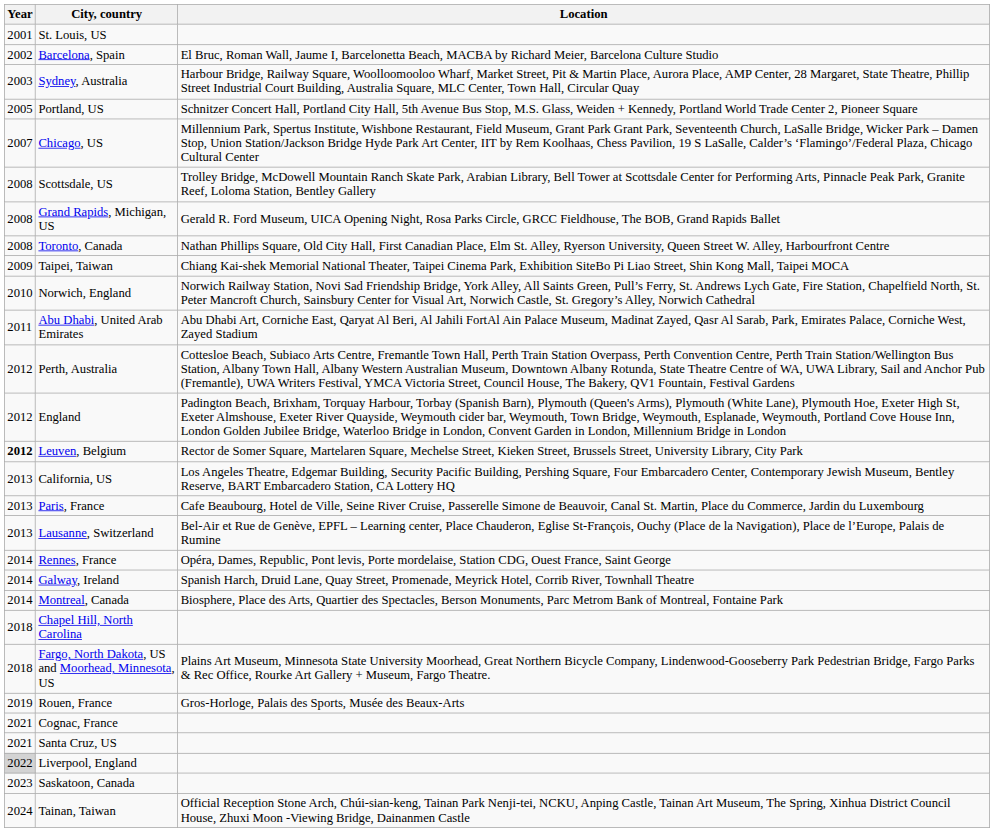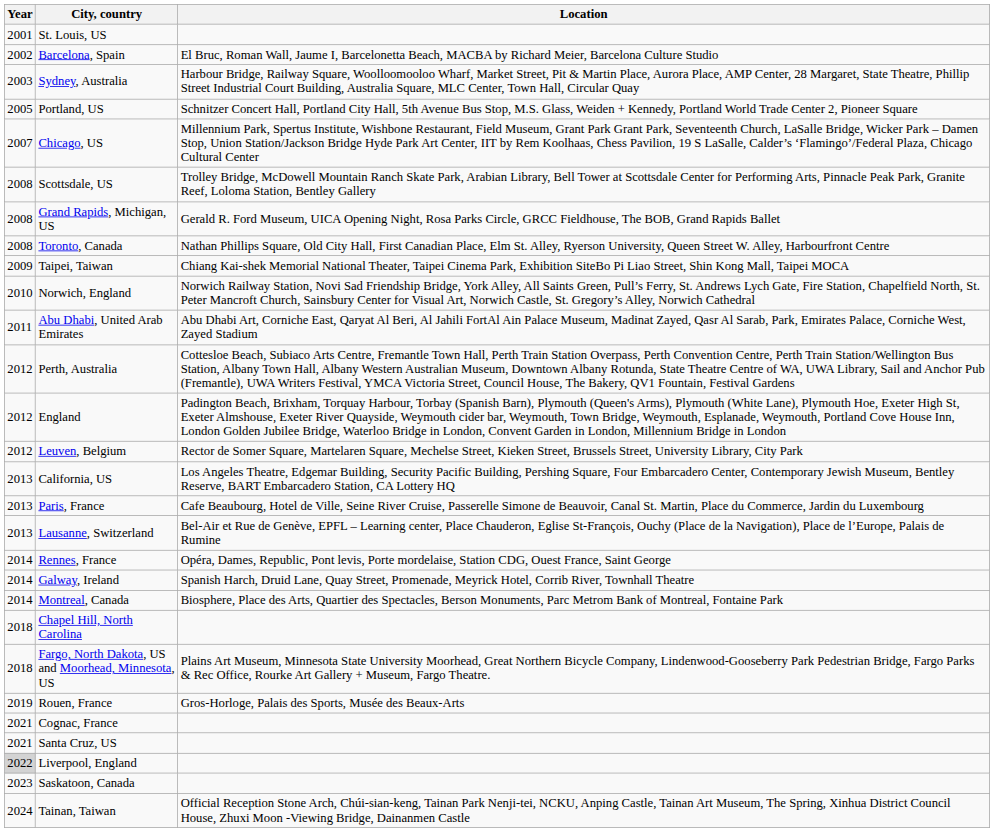 <table class="wikitable">
 <tr>
 <th>Year</th>
 <th>City, country</th>
 <th>Location</th>
 </tr>
 <tr>
 <td>2001</td>
 <td>St. Louis, US</td>
 </tr>
 <tr>
 <td>2002</td>
 <td><a href='#'>Barcelona</a>, Spain</td>
 <td>El Bruc, Roman Wall, Jaume I, Barcelonetta Beach, MACBA by Richard Meier, Barcelona Culture Studio</td>
 </tr>
 <tr>
 <td>2003</td>
 <td><a href='#'>Sydney</a>, Australia</td>
 <td>Harbour Bridge, Railway Square, Woolloomooloo Wharf, Market Street, Pit & Martin Place, Aurora Place, AMP Center, 28 Margaret, State Theatre, Phillip Street Industrial Court Building, Australia Square, MLC Center, Town Hall, Circular Quay</td>
 </tr>
 <tr>
 <td>2005</td>
 <td>Portland, US</td>
 <td>Schnitzer Concert Hall, Portland City Hall, 5th Avenue Bus Stop, M.S. Glass, Weiden + Kennedy, Portland World Trade Center 2, Pioneer Square</td>
 </tr>
 <tr>
 <td>2007</td>
 <td><a href='#'>Chicago</a>, US</td>
 <td>Millennium Park, Spertus Institute, Wishbone Restaurant, Field Museum, Grant Park Grant Park, Seventeenth Church, LaSalle Bridge, Wicker Park – Damen Stop, Union Station/Jackson Bridge Hyde Park Art Center, IIT by Rem Koolhaas, Chess Pavilion, 19 S LaSalle, Calder’s ‘Flamingo’/Federal Plaza, Chicago Cultural Center</td>
 </tr>
 <tr>
 <td>2008</td>
 <td>Scottsdale, US</td>
 <td>Trolley Bridge, McDowell Mountain Ranch Skate Park, Arabian Library, Bell Tower at Scottsdale Center for Performing Arts, Pinnacle Peak Park, Granite Reef, Loloma Station, Bentley Gallery</td>
 </tr>
 <tr>
 <td>2008</td>
 <td><a href='#'>Grand Rapids</a>, Michigan, US</td>
 <td>Gerald R. Ford Museum, UICA Opening Night, Rosa Parks Circle, GRCC Fieldhouse, The BOB, Grand Rapids Ballet</td>
 </tr>
 <tr>
 <td>2008</td>
 <td><a href='#'>Toronto</a>, Canada</td>
 <td>Nathan Phillips Square, Old City Hall, First Canadian Place, Elm St. Alley, Ryerson University, Queen Street W. Alley, Harbourfront Centre</td>
 </tr>
 <tr>
 <td>2009</td>
 <td>Taipei, Taiwan</td>
 <td>Chiang Kai-shek Memorial National Theater, Taipei Cinema Park, Exhibition SiteBo Pi Liao Street, Shin Kong Mall, Taipei MOCA</td>
 </tr>
 <tr>
 <td>2010</td>
 <td>Norwich, England</td>
 <td>Norwich Railway Station, Novi Sad Friendship Bridge, York Alley, All Saints Green, Pull’s Ferry, St. Andrews Lych Gate, Fire Station, Chapelfield North, St. Peter Mancroft Church, Sainsbury Center for Visual Art, Norwich Castle, St. Gregory’s Alley, Norwich Cathedral</td>
 </tr>
 <tr>
 <td>2011</td>
 <td><a href='#'>Abu Dhabi</a>, United Arab Emirates</td>
 <td>Abu Dhabi Art, Corniche East, Qaryat Al Beri, Al Jahili FortAl Ain Palace Museum, Madinat Zayed, Qasr Al Sarab, Park, Emirates Palace, Corniche West, Zayed Stadium</td>
 </tr>
 <tr>
 <td>2012</td>
 <td>Perth, Australia</td>
 <td>Cottesloe Beach, Subiaco Arts Centre, Fremantle Town Hall, Perth Train Station Overpass, Perth Convention Centre, Perth Train Station/Wellington Bus Station, Albany Town Hall, Albany Western Australian Museum, Downtown Albany Rotunda, State Theatre Centre of WA, UWA Library, Sail and Anchor Pub (Fremantle), UWA Writers Festival, YMCA Victoria Street, Council House, The Bakery, QV1 Fountain, Festival Gardens</td>
 </tr>
 <tr>
 <td>2012</td>
 <td>England</td>
 <td>Padington Beach, Brixham, Torquay Harbour, Torbay (Spanish Barn), Plymouth (Queen's Arms), Plymouth (White Lane), Plymouth Hoe, Exeter High St, Exeter Almshouse, Exeter River Quayside, Weymouth cider bar, Weymouth, Town Bridge, Weymouth, Esplanade, Weymouth, Portland Cove House Inn, London Golden Jubilee Bridge, Waterloo Bridge in London, Convent Garden in London, Millennium Bridge in London</td>
 </tr>
 <tr>
-<td><strong>2012</strong></td>
+<td>2012</td>
 <td><a href='#'>Leuven</a>, Belgium</td>
 <td>Rector de Somer Square, Martelaren Square, Mechelse Street, Kieken Street, Brussels Street, University Library, City Park</td>
 </tr>
 <tr>
 <td>2013</td>
 <td>California, US</td>
 <td>Los Angeles Theatre, Edgemar Building, Security Pacific Building, Pershing Square, Four Embarcadero Center, Contemporary Jewish Museum, Bentley Reserve, BART Embarcadero Station, CA Lottery HQ</td>
 </tr>
 <tr>
 <td>2013</td>
 <td><a href='#'>Paris</a>, France</td>
 <td>Cafe Beaubourg, Hotel de Ville, Seine River Cruise, Passerelle Simone de Beauvoir, Canal St. Martin, Place du Commerce, Jardin du Luxembourg</td>
 </tr>
 <tr>
 <td>2013</td>
 <td><a href='#'>Lausanne</a>, Switzerland</td>
 <td>Bel-Air et Rue de Genève, EPFL – Learning center, Place Chauderon, Eglise St-François, Ouchy (Place de la Navigation), Place de l’Europe, Palais de Rumine</td>
 </tr>
 <tr>
 <td>2014</td>
 <td><a href='#'>Rennes</a>, France</td>
 <td>Opéra, Dames, Republic, Pont levis, Porte mordelaise, Station CDG, Ouest France, Saint George</td>
 </tr>
 <tr>
 <td>2014</td>
 <td><a href='#'>Galway</a>, Ireland</td>
 <td>Spanish Harch, Druid Lane, Quay Street, Promenade, Meyrick Hotel, Corrib River, Townhall Theatre</td>
 </tr>
 <tr>
 <td>2014</td>
 <td><a href='#'>Montreal</a>, Canada</td>
 <td>Biosphere, Place des Arts, Quartier des Spectacles, Berson Monuments, Parc Metrom Bank of Montreal, Fontaine Park</td>
 </tr>
 <tr>
 <td>2018</td>
 <td><a href='#'>Chapel Hill, North Carolina</a></td>
 <td></td>
 </tr>
 <tr>
 <td>2018</td>
 <td><a href='#'>Fargo, North Dakota</a>, US and <a href='#'>Moorhead, Minnesota</a>, US</td>
 <td>Plains Art Museum, Minnesota State University Moorhead, Great Northern Bicycle Company, Lindenwood-Gooseberry Park Pedestrian Bridge, Fargo Parks & Rec Office, Rourke Art Gallery + Museum, Fargo Theatre.</td>
 </tr>
 <tr>
 <td>2019</td>
 <td>Rouen, France</td>
 <td>Gros-Horloge, Palais des Sports, Musée des Beaux-Arts</td>
 </tr>
 <tr>
 <td>2021</td>
 <td>Cognac, France </td>
 <td></td>
 </tr>
 <tr>
 <td>2021</td>
 <td>Santa Cruz, US </td>
 <td></td>
 </tr>
 <tr>
 <td style="background: lightgrey;">2022</td>
 <td>Liverpool, England </td>
 <td></td>
 </tr>
 <tr>
 <td>2023</td>
 <td>Saskatoon, Canada </td>
 <td></td>
 </tr>
 <tr>
 <td>2024</td>
 <td>Tainan, Taiwan </td>
 <td>Official Reception Stone Arch, Chúi-sian-keng, Tainan Park Nenji-tei, NCKU, Anping Castle, Tainan Art Museum, The Spring, Xinhua District Council House, Zhuxi Moon -Viewing Bridge, Dainanmen Castle</td>
 </tr>
 </table>
